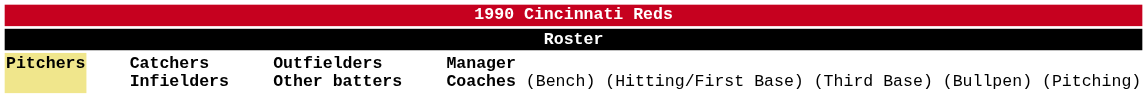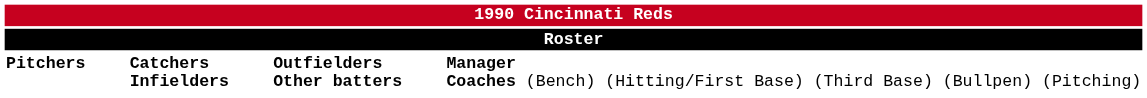 <table class="toccolours" style="font-size: 95%;">
 <tr>
 <th colspan="10" style="background:#c6011f; color:#fff; text-align:center;">1990 Cincinnati Reds</th>
 </tr>
 <tr>
 <td colspan="10" style="background:black; color:#fff; text-align:center;"><strong>Roster</strong></td>
 </tr>
 <tr>
-<td valign="top" style="background: khaki;"><strong>Pitchers</strong><br>                </td>
+<td valign="top"><strong>Pitchers</strong><br>                </td>
 <td style="width:25px;"></td>
 <td valign="top"><strong>Catchers</strong><br>     <strong>Infielders</strong>           </td>
 <td style="width:25px;"></td>
 <td valign="top"><strong>Outfielders</strong><br>      <strong>Other batters</strong> </td>
 <td style="width:25px;"></td>
 <td valign="top"><strong>Manager</strong><br> <strong>Coaches</strong>  (Bench)  (Hitting/First Base)  (Third Base)  (Bullpen)  (Pitching)</td>
 </tr>
 </table>
